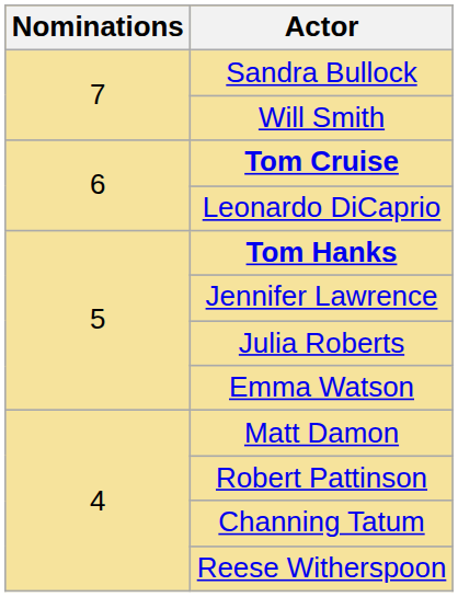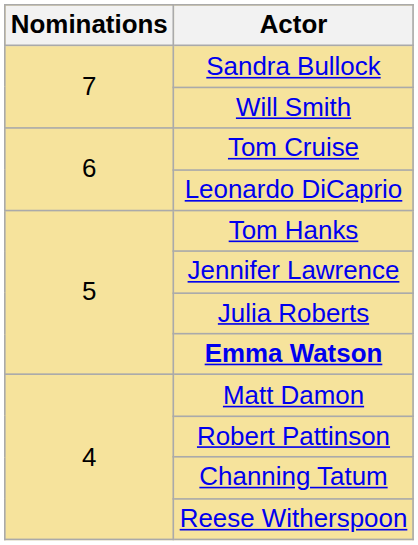 <table class="wikitable" rowspan=2 style="text-align: center; background: #f6e39c">
 <tr>
 <th scope="col" width="55">Nominations</th>
 <th scope="col" align="center">Actor</th>
 </tr>
 <tr>
 <td rowspan=2 style="text-align:center">7</td>
 <td><a href='#'>Sandra Bullock</a></td>
 </tr>
 <tr>
 <td><a href='#'>Will Smith</a></td>
 </tr>
 <tr>
 <td rowspan=2 style="text-align:center">6</td>
-<td><strong><a href='#'>Tom Cruise</a></strong></td>
+<td><a href='#'>Tom Cruise</a></td>
 </tr>
 <tr>
 <td><a href='#'>Leonardo DiCaprio</a></td>
 </tr>
 <tr>
 <td rowspan=4 style="text-align:center">5</td>
-<td><strong><a href='#'>Tom Hanks</a></strong></td>
+<td><a href='#'>Tom Hanks</a></td>
 </tr>
 <tr>
 <td><a href='#'>Jennifer Lawrence</a></td>
 </tr>
 <tr>
 <td><a href='#'>Julia Roberts</a></td>
 </tr>
 <tr>
-<td><a href='#'>Emma Watson</a></td>
+<td><strong><a href='#'>Emma Watson</a></strong></td>
 </tr>
 <tr>
 <td rowspan=4 style="text-align:center">4</td>
 <td><a href='#'>Matt Damon</a></td>
 </tr>
 <tr>
 <td><a href='#'>Robert Pattinson</a></td>
 </tr>
 <tr>
 <td><a href='#'>Channing Tatum</a></td>
 </tr>
 <tr>
 <td><a href='#'>Reese Witherspoon</a></td>
 </tr>
 </table>
